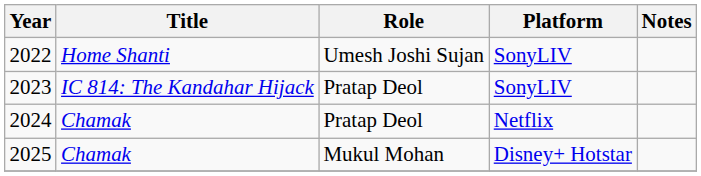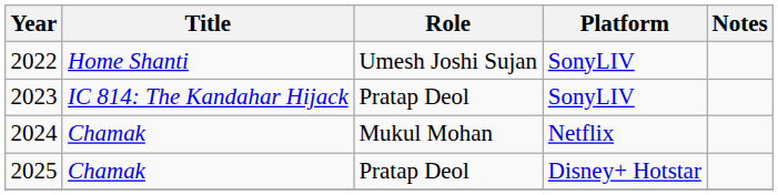 <table class="wikitable sortable plainrowheaders">
 <tr style="text-align:center;">
 <th scope="col">Year</th>
 <th scope="col">Title</th>
 <th scope="col">Role</th>
 <th scope="col">Platform</th>
 <th scope="col">Notes</th>
 </tr>
 <tr>
 <td>2022</td>
 <td><em><a href='#'>Home Shanti</a></em></td>
 <td>Umesh Joshi Sujan</td>
 <td><a href='#'>SonyLIV</a></td>
 <td></td>
 </tr>
 <tr>
 <td>2023</td>
 <td><em><a href='#'>IC 814: The Kandahar Hijack</a></em></td>
 <td>Pratap Deol</td>
 <td><a href='#'>SonyLIV</a></td>
 <td></td>
 </tr>
 <tr>
 <td>2024</td>
 <td><em><a href='#'>Chamak</a></em></td>
-<td>Pratap Deol</td>
+<td>Mukul Mohan</td>
 <td><a href='#'>Netflix</a></td>
 <td></td>
 </tr>
 <tr>
 <td>2025</td>
 <td><em><a href='#'>Chamak</a></em></td>
-<td>Mukul Mohan</td>
+<td>Pratap Deol</td>
 <td><a href='#'>Disney+ Hotstar</a></td>
 <td></td>
 </tr>
 <tr>
 </tr>
 </table>
